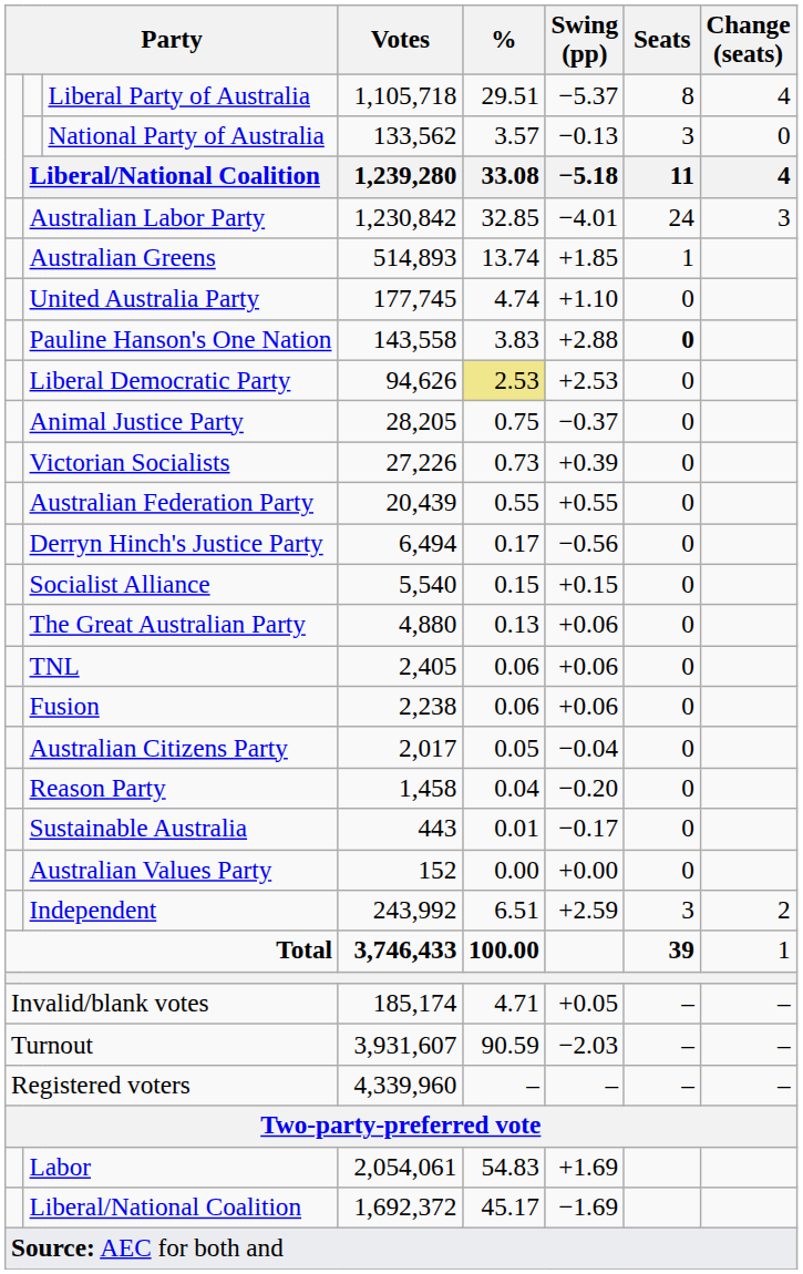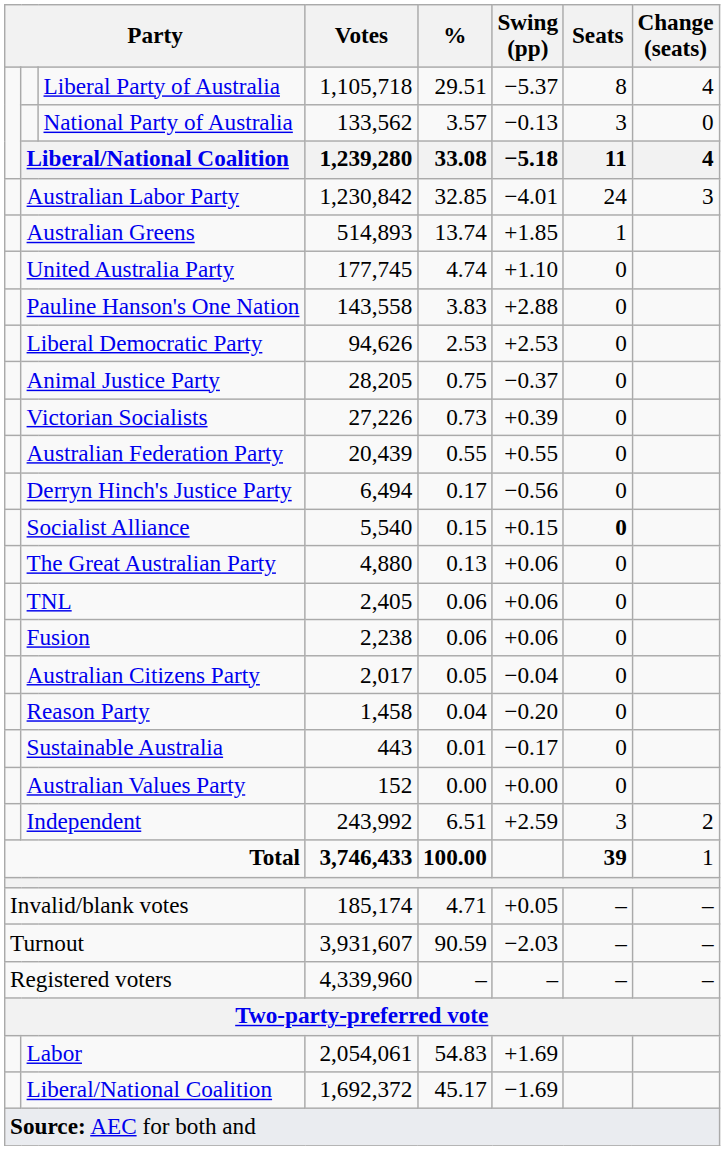 <table class="wikitable" style="text-align:right;  margin-bottom:0">
 <tr>
 <th style="width:200px" colspan=3>Party</th>
 <th style="width:70px;">Votes</th>
 <th style="width:40px;">%</th>
 <th style="width:40px;">Swing (pp)</th>
 <th style="width:40px;">Seats</th>
 <th style="width:40px;">Change (seats)</th>
 </tr>
 <tr>
 <td rowspan="3"> </td>
 <td> </td>
 <td align=left><a href='#'>Liberal Party of Australia</a></td>
 <td>1,105,718</td>
 <td>29.51</td>
 <td>−5.37</td>
 <td>8</td>
 <td> 4</td>
 </tr>
 <tr>
 <td> </td>
 <td align=left><a href='#'>National Party of Australia</a></td>
 <td>133,562</td>
 <td>3.57</td>
 <td>−0.13</td>
 <td>3</td>
 <td> 0</td>
 </tr>
 <tr>
 <th colspan="2" style="text-align:left;"><a href='#'>Liberal/National Coalition</a></th>
 <th style="text-align:right;">1,239,280</th>
 <th style="text-align:right;">33.08</th>
 <th style="text-align:right;">−5.18</th>
 <th style="text-align:right;">11</th>
 <th style="text-align:right;"> 4</th>
 </tr>
 <tr>
 <td> </td>
 <td style="text-align:left;" colspan="2"><a href='#'>Australian Labor Party</a></td>
 <td align=right>1,230,842</td>
 <td align=right>32.85</td>
 <td align=right>−4.01</td>
 <td align=right>24</td>
 <td align=right> 3</td>
 </tr>
 <tr>
 <td> </td>
 <td style="text-align:left;" colspan="2"><a href='#'>Australian Greens</a></td>
 <td align=right>514,893</td>
 <td align=right>13.74</td>
 <td align=right>+1.85</td>
 <td align=right>1</td>
 <td align=right></td>
 </tr>
 <tr>
 <td> </td>
 <td style="text-align:left;" colspan="2"><a href='#'>United Australia Party</a></td>
 <td align=right>177,745</td>
 <td align=right>4.74</td>
 <td align=right>+1.10</td>
 <td align=right>0</td>
 <td align=right></td>
 </tr>
 <tr>
 <td> </td>
 <td style="text-align:left;" colspan="2"><a href='#'>Pauline Hanson's One Nation</a></td>
 <td align=right>143,558</td>
 <td align=right>3.83</td>
 <td align=right>+2.88</td>
-<td align=right><strong>0</strong></td>
+<td align=right>0</td>
 <td align=right></td>
 </tr>
 <tr>
 <td> </td>
 <td style="text-align:left;" colspan="2"><a href='#'>Liberal Democratic Party</a></td>
 <td align=right>94,626</td>
-<td align=right style="background: khaki;">2.53</td>
+<td align=right>2.53</td>
 <td align=right>+2.53</td>
 <td align=right>0</td>
 <td align=right></td>
 </tr>
 <tr>
 <td> </td>
 <td style="text-align:left;" colspan="2"><a href='#'>Animal Justice Party</a></td>
 <td align=right>28,205</td>
 <td align=right>0.75</td>
 <td align=right>−0.37</td>
 <td align=right>0</td>
 <td align=right></td>
 </tr>
 <tr>
 <td> </td>
 <td style="text-align:left;" colspan="2"><a href='#'>Victorian Socialists</a></td>
 <td align=right>27,226</td>
 <td align=right>0.73</td>
 <td align=right>+0.39</td>
 <td align=right>0</td>
 <td align=right></td>
 </tr>
 <tr>
 <td> </td>
 <td style="text-align:left;" colspan="2"><a href='#'>Australian Federation Party</a></td>
 <td align=right>20,439</td>
 <td align=right>0.55</td>
 <td align=right>+0.55</td>
 <td align=right>0</td>
 <td align=right></td>
 </tr>
 <tr>
 <td> </td>
 <td style="text-align:left;" colspan="2"><a href='#'>Derryn Hinch's Justice Party</a></td>
 <td align=right>6,494</td>
 <td align=right>0.17</td>
 <td align=right>−0.56</td>
 <td align=right>0</td>
 <td align=right></td>
 </tr>
 <tr>
 <td> </td>
 <td style="text-align:left;" colspan="2"><a href='#'>Socialist Alliance</a></td>
 <td align=right>5,540</td>
 <td align=right>0.15</td>
 <td align=right>+0.15</td>
-<td align=right>0</td>
+<td align=right><strong>0</strong></td>
 <td align=right></td>
 </tr>
 <tr>
 <td> </td>
 <td style="text-align:left;" colspan="2"><a href='#'>The Great Australian Party</a></td>
 <td align=right>4,880</td>
 <td align=right>0.13</td>
 <td align=right>+0.06</td>
 <td align=right>0</td>
 <td align=right></td>
 </tr>
 <tr>
 <td> </td>
 <td style="text-align:left;" colspan="2"><a href='#'>TNL</a></td>
 <td align=right>2,405</td>
 <td align=right>0.06</td>
 <td align=right>+0.06</td>
 <td align=right>0</td>
 <td align=right></td>
 </tr>
 <tr>
 <td> </td>
 <td style="text-align:left;" colspan="2"><a href='#'>Fusion</a></td>
 <td align=right>2,238</td>
 <td align=right>0.06</td>
 <td align=right>+0.06</td>
 <td align=right>0</td>
 <td align=right></td>
 </tr>
 <tr>
 <td> </td>
 <td style="text-align:left;" colspan="2"><a href='#'>Australian Citizens Party</a></td>
 <td align=right>2,017</td>
 <td align=right>0.05</td>
 <td align=right>−0.04</td>
 <td align=right>0</td>
 <td align=right></td>
 </tr>
 <tr>
 <td> </td>
 <td style="text-align:left;" colspan="2"><a href='#'>Reason Party</a></td>
 <td align=right>1,458</td>
 <td align=right>0.04</td>
 <td align=right>−0.20</td>
 <td align=right>0</td>
 <td align=right></td>
 </tr>
 <tr>
 <td> </td>
 <td style="text-align:left;" colspan="2"><a href='#'>Sustainable Australia</a></td>
 <td align=right>443</td>
 <td align=right>0.01</td>
 <td align=right>−0.17</td>
 <td align=right>0</td>
 <td align=right></td>
 </tr>
 <tr>
 <td> </td>
 <td style="text-align:left;" colspan="2"><a href='#'>Australian Values Party</a></td>
 <td align=right>152</td>
 <td align=right>0.00</td>
 <td align=right>+0.00</td>
 <td align=right>0</td>
 <td align=right></td>
 </tr>
 <tr>
 <td> </td>
 <td style="text-align:left;" colspan="2"><a href='#'>Independent</a></td>
 <td align=right>243,992</td>
 <td align=right>6.51</td>
 <td align=right>+2.59</td>
 <td align=right>3</td>
 <td align=right> 2</td>
 </tr>
 <tr>
 <td colspan="3" align="right"><strong>Total</strong></td>
 <td><strong>3,746,433</strong></td>
 <td><strong>100.00</strong></td>
 <td></td>
 <td><strong>39</strong></td>
 <td>1</td>
 </tr>
 <tr>
 <th colspan="9"></th>
 </tr>
 <tr>
 <td style="text-align:left;" colspan="3">Invalid/blank votes</td>
 <td>185,174</td>
 <td>4.71</td>
 <td>+0.05</td>
 <td>–</td>
 <td>–</td>
 </tr>
 <tr>
 <td style="text-align:left;" colspan="3">Turnout</td>
 <td>3,931,607</td>
 <td>90.59</td>
 <td>−2.03</td>
 <td>–</td>
 <td>–</td>
 </tr>
 <tr>
 <td colspan="3" style="text-align:left;">Registered voters</td>
 <td>4,339,960</td>
 <td>–</td>
 <td>–</td>
 <td>–</td>
 <td>–</td>
 </tr>
 <tr>
 <th colspan="8"><a href='#'>Two-party-preferred vote</a></th>
 </tr>
 <tr>
 <td></td>
 <td colspan="2" style="text-align:left;"><a href='#'>Labor</a></td>
 <td>2,054,061</td>
 <td>54.83</td>
 <td>+1.69</td>
 <td></td>
 <td></td>
 </tr>
 <tr>
 <td></td>
 <td colspan="2" style="text-align:left;"><a href='#'>Liberal/National Coalition</a></td>
 <td>1,692,372</td>
 <td>45.17</td>
 <td>−1.69</td>
 <td></td>
 <td></td>
 </tr>
 <tr>
 <td style="text-align:left; background-color:#eaecf0" colspan="8"><strong>Source:</strong> <a href='#'>AEC</a> for both  and </td>
 </tr>
 </table>
